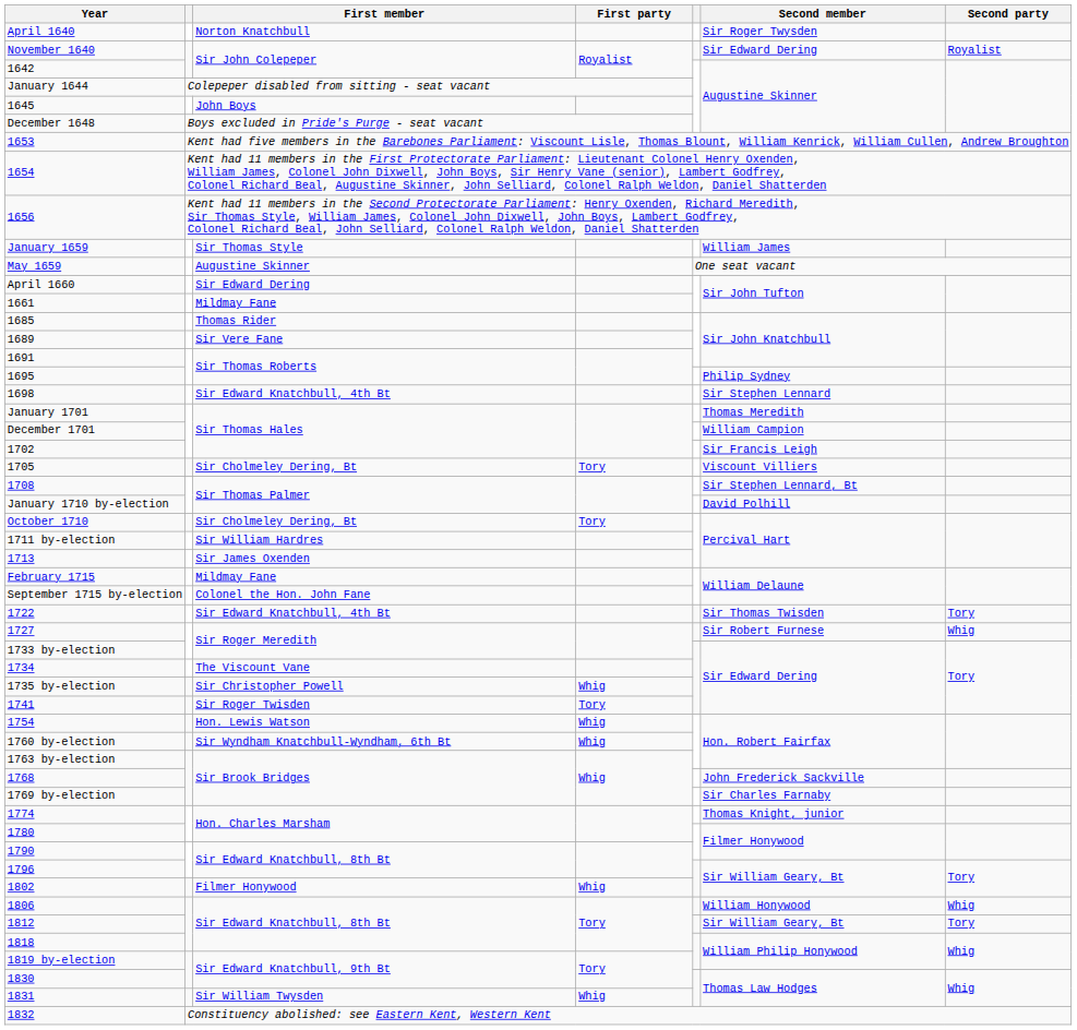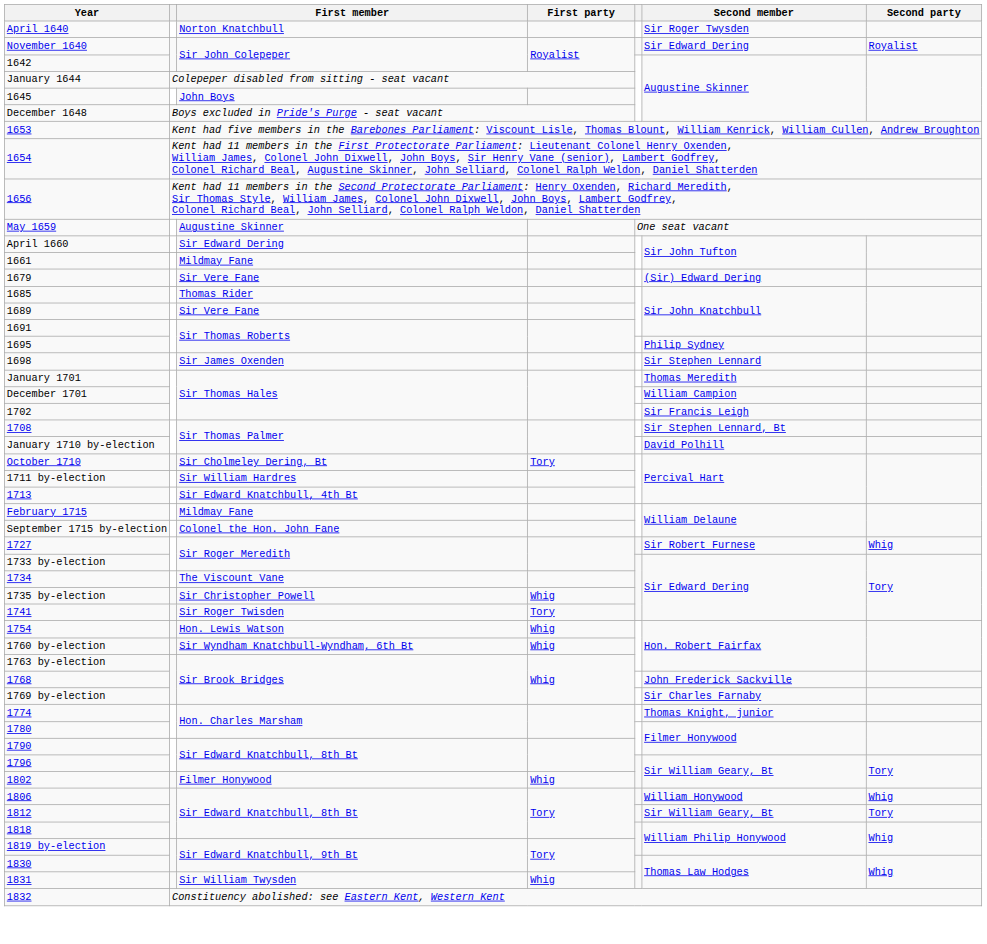 <table class="wikitable">
 <tr>
 <th>Year</th>
 <th></th>
 <th>First member</th>
 <th>First party</th>
 <th></th>
 <th>Second member</th>
 <th>Second party</th>
 </tr>
 <tr>
 <td><a href='#'>April 1640</a></td>
 <td style="color:inherit;background-color: white"></td>
 <td><a href='#'>Norton Knatchbull</a></td>
 <td></td>
 <td style="color:inherit;background-color: white"></td>
 <td><a href='#'>Sir Roger Twysden</a></td>
 <td></td>
 </tr>
 <tr>
 <td><a href='#'>November 1640</a></td>
 <td rowspan="2" style="color:inherit;background-color: "></td>
 <td rowspan="2"><a href='#'>Sir John Colepeper</a></td>
 <td rowspan="2"><a href='#'>Royalist</a></td>
 <td style="color:inherit;background-color: "></td>
 <td><a href='#'>Sir Edward Dering</a></td>
 <td><a href='#'>Royalist</a></td>
 </tr>
 <tr>
 <td>1642</td>
 <td rowspan="4" style="color:inherit;background-color: white"></td>
 <td rowspan="4"><a href='#'>Augustine Skinner</a></td>
 <td rowspan="4"></td>
 </tr>
 <tr>
 <td>January 1644</td>
 <td colspan="3"><em>Colepeper disabled from sitting - seat vacant</em></td>
 </tr>
 <tr>
 <td>1645</td>
 <td style="color:inherit;background-color: white"></td>
 <td><a href='#'>John Boys</a></td>
 <td></td>
 </tr>
 <tr>
 <td>December 1648</td>
 <td colspan="3"><em>Boys excluded in <a href='#'>Pride's Purge</a> - seat vacant</em></td>
 </tr>
 <tr>
 <td><a href='#'>1653</a></td>
 <td colspan="6"><em>Kent had five members in the <a href='#'>Barebones Parliament</a>:</em> <a href='#'>Viscount Lisle</a>, <a href='#'>Thomas Blount</a>, <a href='#'>William Kenrick</a>, <a href='#'>William Cullen</a>, <a href='#'>Andrew Broughton</a></td>
 </tr>
 <tr>
 <td><a href='#'>1654</a></td>
 <td colspan="6"><em>Kent had 11 members in the <a href='#'>First Protectorate Parliament</a>:</em> <a href='#'>Lieutenant Colonel Henry Oxenden</a>,<br> <a href='#'>William James</a>, <a href='#'>Colonel John Dixwell</a>, <a href='#'>John Boys</a>, <a href='#'>Sir Henry Vane (senior)</a>, <a href='#'>Lambert Godfrey</a>,<br> <a href='#'>Colonel Richard Beal</a>, <a href='#'>Augustine Skinner</a>, <a href='#'>John Selliard</a>, <a href='#'>Colonel Ralph Weldon</a>, <a href='#'>Daniel Shatterden</a></td>
 </tr>
 <tr>
 <td><a href='#'>1656</a></td>
 <td colspan="6"><em>Kent had 11 members in the <a href='#'>Second Protectorate Parliament</a>:</em> <a href='#'>Henry Oxenden</a>, <a href='#'>Richard Meredith</a>,<br> <a href='#'>Sir Thomas Style</a>, <a href='#'>William James</a>, <a href='#'>Colonel John Dixwell</a>, <a href='#'>John Boys</a>, <a href='#'>Lambert Godfrey</a>,<br> <a href='#'>Colonel Richard Beal</a>, <a href='#'>John Selliard</a>, <a href='#'>Colonel Ralph Weldon</a>, <a href='#'>Daniel Shatterden</a></td>
 </tr>
 <tr>
-<td><a href='#'>January 1659</a></td>
-<td style="color:inherit;background-color: white"></td>
-<td><a href='#'>Sir Thomas Style</a></td>
-<td></td>
-<td style="color:inherit;background-color: white"></td>
-<td><a href='#'>William James</a></td>
-<td></td>
-</tr>
-<tr>
 <td><a href='#'>May 1659</a></td>
 <td style="color:inherit;background-color: white"></td>
 <td><a href='#'>Augustine Skinner</a></td>
 <td></td>
 <td colspan="3"><em>One seat vacant</em></td>
 </tr>
 <tr>
 <td>April 1660</td>
 <td style="color:inherit;background-color: white"></td>
 <td><a href='#'>Sir Edward Dering</a></td>
 <td></td>
 <td rowspan="2" style="color:inherit;background-color: white"></td>
 <td rowspan="2"><a href='#'>Sir John Tufton</a></td>
 <td rowspan="2"></td>
 </tr>
 <tr>
 <td>1661</td>
 <td style="color:inherit;background-color: white"></td>
 <td><a href='#'>Mildmay Fane</a></td>
+<td></td>
+</tr>
+<tr>
+<td>1679</td>
+<td style="color:inherit;background-color: white"></td>
+<td><a href='#'>Sir Vere Fane</a></td>
+<td></td>
+<td style="color:inherit;background-color: white"></td>
+<td><a href='#'>(Sir) Edward Dering</a></td>
 <td></td>
 </tr>
 <tr>
 <td>1685</td>
 <td style="color:inherit;background-color: white"></td>
 <td><a href='#'>Thomas Rider</a></td>
 <td></td>
 <td rowspan="3" style="color:inherit;background-color: white"></td>
 <td rowspan="3"><a href='#'>Sir John Knatchbull</a></td>
 <td rowspan="3"></td>
 </tr>
 <tr>
 <td>1689</td>
 <td style="color:inherit;background-color: white"></td>
 <td><a href='#'>Sir Vere Fane</a></td>
 <td></td>
 </tr>
 <tr>
 <td>1691</td>
 <td rowspan="2" style="color:inherit;background-color: white"></td>
 <td rowspan="2"><a href='#'>Sir Thomas Roberts</a></td>
 <td rowspan="2"></td>
 </tr>
 <tr>
 <td>1695</td>
 <td style="color:inherit;background-color: white"></td>
 <td><a href='#'>Philip Sydney</a></td>
 <td></td>
 </tr>
 <tr>
 <td>1698</td>
 <td style="color:inherit;background-color: white"></td>
-<td><a href='#'>Sir Edward Knatchbull, 4th Bt</a></td>
+<td><a href='#'>Sir James Oxenden</a></td>
 <td></td>
 <td style="color:inherit;background-color: white"></td>
 <td><a href='#'>Sir Stephen Lennard</a></td>
 <td></td>
 </tr>
 <tr>
 <td>January 1701</td>
 <td rowspan="3" style="color:inherit;background-color: white"></td>
 <td rowspan="3"><a href='#'>Sir Thomas Hales</a></td>
 <td rowspan="3"></td>
 <td style="color:inherit;background-color: white"></td>
 <td><a href='#'>Thomas Meredith</a></td>
 <td></td>
 </tr>
 <tr>
 <td>December 1701</td>
 <td style="color:inherit;background-color: white"></td>
 <td><a href='#'>William Campion</a></td>
 <td></td>
 </tr>
 <tr>
 <td>1702</td>
 <td style="color:inherit;background-color: white"></td>
 <td><a href='#'>Sir Francis Leigh</a></td>
-<td></td>
-</tr>
-<tr>
-<td>1705</td>
-<td style="color:inherit;background-color: "></td>
-<td><a href='#'>Sir Cholmeley Dering, Bt</a></td>
-<td><a href='#'>Tory</a></td>
-<td style="color:inherit;background-color: white"></td>
-<td><a href='#'>Viscount Villiers</a></td>
 <td></td>
 </tr>
 <tr>
 <td><a href='#'>1708</a></td>
 <td rowspan="2" style="color:inherit;background-color: white"></td>
 <td rowspan="2"><a href='#'>Sir Thomas Palmer</a></td>
 <td rowspan="2"></td>
 <td style="color:inherit;background-color: white"></td>
 <td><a href='#'>Sir Stephen Lennard, Bt</a></td>
 <td></td>
 </tr>
 <tr>
 <td>January 1710 by-election</td>
 <td style="color:inherit;background-color: white"></td>
 <td><a href='#'>David Polhill</a></td>
 <td></td>
 </tr>
 <tr>
 <td><a href='#'>October 1710</a></td>
 <td style="color:inherit;background-color: "></td>
 <td><a href='#'>Sir Cholmeley Dering, Bt</a></td>
 <td><a href='#'>Tory</a></td>
 <td rowspan="3" style="color:inherit;background-color: white"></td>
 <td rowspan="3"><a href='#'>Percival Hart</a></td>
 <td rowspan="3"></td>
 </tr>
 <tr>
 <td>1711 by-election</td>
 <td style="color:inherit;background-color: white"></td>
 <td><a href='#'>Sir William Hardres</a></td>
 <td></td>
 </tr>
 <tr>
 <td><a href='#'>1713</a></td>
 <td style="color:inherit;background-color: white"></td>
-<td><a href='#'>Sir James Oxenden</a></td>
+<td><a href='#'>Sir Edward Knatchbull, 4th Bt</a></td>
 <td></td>
 </tr>
 <tr>
 <td><a href='#'>February 1715</a></td>
 <td style="color:inherit;background-color: white"></td>
 <td><a href='#'>Mildmay Fane</a></td>
 <td></td>
 <td rowspan="2" style="color:inherit;background-color: white"></td>
 <td rowspan="2"><a href='#'>William Delaune</a></td>
 <td rowspan="2"></td>
 </tr>
 <tr>
 <td>September 1715 by-election</td>
 <td style="color:inherit;background-color: white"></td>
 <td><a href='#'>Colonel the Hon. John Fane</a></td>
 <td></td>
-</tr>
-<tr>
-<td><a href='#'>1722</a></td>
-<td style="color:inherit;background-color: white"></td>
-<td><a href='#'>Sir Edward Knatchbull, 4th Bt</a></td>
-<td></td>
-<td style="color:inherit;background-color: "></td>
-<td><a href='#'>Sir Thomas Twisden</a></td>
-<td><a href='#'>Tory</a></td>
 </tr>
 <tr>
 <td><a href='#'>1727</a></td>
 <td rowspan="2" style="color:inherit;background-color: white"></td>
 <td rowspan="2"><a href='#'>Sir Roger Meredith</a></td>
 <td rowspan="2"></td>
 <td style="color:inherit;background-color: "></td>
 <td><a href='#'>Sir Robert Furnese</a></td>
 <td><a href='#'>Whig</a></td>
 </tr>
 <tr>
 <td>1733 by-election</td>
 <td rowspan="4" style="color:inherit;background-color: "></td>
 <td rowspan="4"><a href='#'>Sir Edward Dering</a></td>
 <td rowspan="4"><a href='#'>Tory</a></td>
 </tr>
 <tr>
 <td><a href='#'>1734</a></td>
 <td style="color:inherit;background-color: white"></td>
 <td><a href='#'>The Viscount Vane</a></td>
 <td></td>
 </tr>
 <tr>
 <td>1735 by-election</td>
 <td style="color:inherit;background-color: "></td>
 <td><a href='#'>Sir Christopher Powell</a></td>
 <td><a href='#'>Whig</a></td>
 </tr>
 <tr>
 <td><a href='#'>1741</a></td>
 <td style="color:inherit;background-color: "></td>
 <td><a href='#'>Sir Roger Twisden</a></td>
 <td><a href='#'>Tory</a></td>
 </tr>
 <tr>
 <td><a href='#'>1754</a></td>
 <td style="color:inherit;background-color: "></td>
 <td><a href='#'>Hon. Lewis Watson</a></td>
 <td><a href='#'>Whig</a></td>
 <td rowspan="3" style="color:inherit;background-color: white"></td>
 <td rowspan="3"><a href='#'>Hon. Robert Fairfax</a></td>
 <td rowspan="3"></td>
 </tr>
 <tr>
 <td>1760 by-election</td>
 <td style="color:inherit;background-color: "></td>
 <td><a href='#'>Sir Wyndham Knatchbull-Wyndham, 6th Bt</a></td>
 <td><a href='#'>Whig</a></td>
 </tr>
 <tr>
 <td>1763 by-election</td>
 <td rowspan="3" style="color:inherit;background-color: "></td>
 <td rowspan="3"><a href='#'>Sir Brook Bridges</a></td>
 <td rowspan="3"><a href='#'>Whig</a></td>
 </tr>
 <tr>
 <td><a href='#'>1768</a></td>
 <td style="color:inherit;background-color: white"></td>
 <td><a href='#'>John Frederick Sackville</a></td>
 <td></td>
 </tr>
 <tr>
 <td>1769 by-election</td>
 <td style="color:inherit;background-color: white"></td>
 <td><a href='#'>Sir Charles Farnaby</a></td>
 <td></td>
 </tr>
 <tr>
 <td><a href='#'>1774</a></td>
 <td rowspan="2" style="color:inherit;background-color: white"></td>
 <td rowspan="2"><a href='#'>Hon. Charles Marsham</a></td>
 <td rowspan="2"></td>
 <td style="color:inherit;background-color: white"></td>
 <td><a href='#'>Thomas Knight, junior</a></td>
 <td></td>
 </tr>
 <tr>
 <td><a href='#'>1780</a></td>
 <td rowspan="2" style="color:inherit;background-color: white"></td>
 <td rowspan="2"><a href='#'>Filmer Honywood</a></td>
 <td rowspan="2"></td>
 </tr>
 <tr>
 <td><a href='#'>1790</a></td>
 <td rowspan="2" style="color:inherit;background-color: white"></td>
 <td rowspan="2"><a href='#'>Sir Edward Knatchbull, 8th Bt</a></td>
 <td rowspan="2"></td>
 </tr>
 <tr>
 <td><a href='#'>1796</a></td>
 <td rowspan="2" style="color:inherit;background-color: "></td>
 <td rowspan="2"><a href='#'>Sir William Geary, Bt</a></td>
 <td rowspan="2"><a href='#'>Tory</a></td>
 </tr>
 <tr>
 <td><a href='#'>1802</a></td>
 <td style="color:inherit;background-color: "></td>
 <td><a href='#'>Filmer Honywood</a></td>
 <td><a href='#'>Whig</a></td>
 </tr>
 <tr>
 <td><a href='#'>1806</a></td>
 <td rowspan="3" style="color:inherit;background-color: "></td>
 <td rowspan="3"><a href='#'>Sir Edward Knatchbull, 8th Bt</a></td>
 <td rowspan="3"><a href='#'>Tory</a></td>
 <td style="color:inherit;background-color: "></td>
 <td><a href='#'>William Honywood</a></td>
 <td><a href='#'>Whig</a></td>
 </tr>
 <tr>
 <td><a href='#'>1812</a></td>
 <td style="color:inherit;background-color: "></td>
 <td><a href='#'>Sir William Geary, Bt</a></td>
 <td><a href='#'>Tory</a></td>
 </tr>
 <tr>
 <td><a href='#'>1818</a></td>
 <td rowspan="2" style="color:inherit;background-color: "></td>
 <td rowspan="2"><a href='#'>William Philip Honywood</a></td>
 <td rowspan="2"><a href='#'>Whig</a></td>
 </tr>
 <tr>
 <td><a href='#'>1819 by-election</a></td>
 <td rowspan="2" style="color:inherit;background-color: "></td>
 <td rowspan="2"><a href='#'>Sir Edward Knatchbull, 9th Bt</a></td>
 <td rowspan="2"><a href='#'>Tory</a></td>
 </tr>
 <tr>
 <td><a href='#'>1830</a></td>
 <td rowspan="2" style="color:inherit;background-color: "></td>
 <td rowspan="2"><a href='#'>Thomas Law Hodges</a></td>
 <td rowspan="2"><a href='#'>Whig</a></td>
 </tr>
 <tr>
 <td><a href='#'>1831</a></td>
 <td style="color:inherit;background-color: "></td>
 <td><a href='#'>Sir William Twysden</a></td>
 <td><a href='#'>Whig</a></td>
 </tr>
 <tr>
 <td><a href='#'>1832</a></td>
 <td colspan="6"><em>Constituency abolished: see <a href='#'>Eastern Kent</a>, <a href='#'>Western Kent</a></em></td>
 </tr>
 </table>
